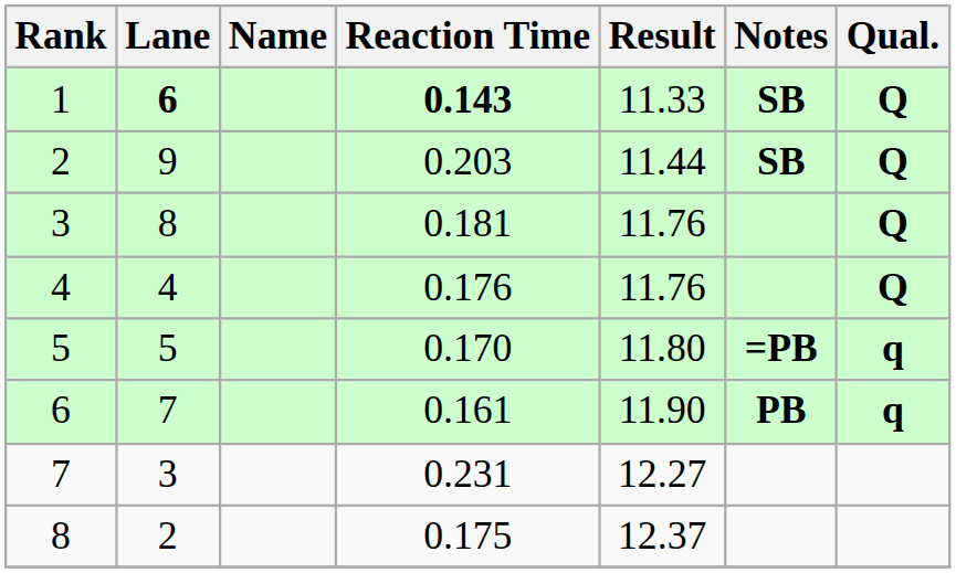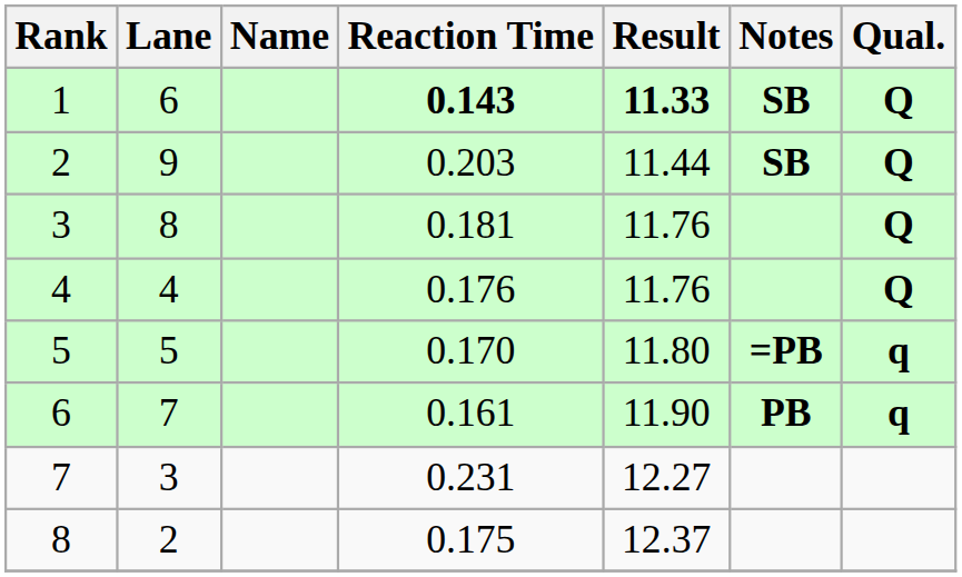 <table class="wikitable" style="text-align:center">
 <tr>
 <th>Rank</th>
 <th>Lane</th>
 <th>Name</th>
 <th>Reaction Time</th>
 <th>Result</th>
 <th>Notes</th>
 <th>Qual.</th>
 </tr>
 <tr bgcolor=ccffcc>
 <td>1</td>
-<td><strong>6</strong></td>
+<td>6</td>
 <td align="left"></td>
 <td><strong>0.143</strong></td>
-<td>11.33</td>
+<td><strong>11.33</strong></td>
 <td><strong>SB</strong></td>
 <td><strong>Q</strong></td>
 </tr>
 <tr bgcolor=ccffcc>
 <td>2</td>
 <td>9</td>
 <td align="left"></td>
 <td>0.203</td>
 <td>11.44</td>
 <td><strong>SB</strong></td>
 <td><strong>Q</strong></td>
 </tr>
 <tr bgcolor=ccffcc>
 <td>3</td>
 <td>8</td>
 <td align="left"></td>
 <td>0.181</td>
 <td>11.76</td>
 <td></td>
 <td><strong>Q</strong></td>
 </tr>
 <tr bgcolor=ccffcc>
 <td>4</td>
 <td>4</td>
 <td align="left"></td>
 <td>0.176</td>
 <td>11.76</td>
 <td></td>
 <td><strong>Q</strong></td>
 </tr>
 <tr bgcolor=ccffcc>
 <td>5</td>
 <td>5</td>
 <td align="left"></td>
 <td>0.170</td>
 <td>11.80</td>
 <td><strong>=PB</strong></td>
 <td><strong>q</strong></td>
 </tr>
 <tr bgcolor=ccffcc>
 <td>6</td>
 <td>7</td>
 <td align="left"></td>
 <td>0.161</td>
 <td>11.90</td>
 <td><strong>PB</strong></td>
 <td><strong>q</strong></td>
 </tr>
 <tr>
 <td>7</td>
 <td>3</td>
 <td align="left"></td>
 <td>0.231</td>
 <td>12.27</td>
 <td></td>
 <td></td>
 </tr>
 <tr>
 <td>8</td>
 <td>2</td>
 <td align="left"></td>
 <td>0.175</td>
 <td>12.37</td>
 <td></td>
 <td></td>
 </tr>
 <tr>
 </tr>
 </table>
